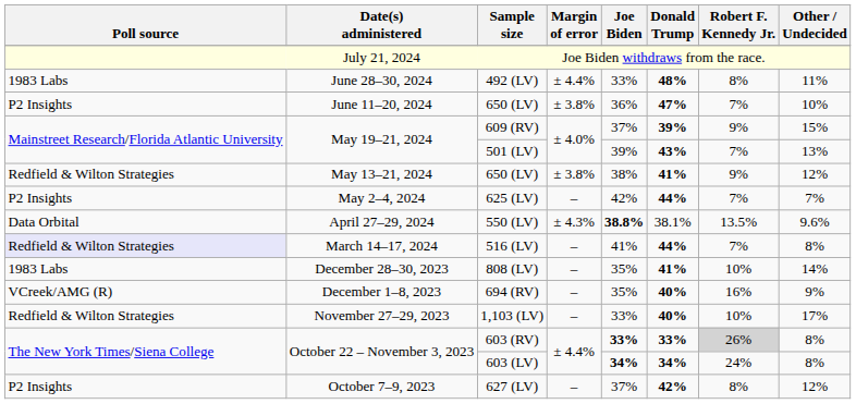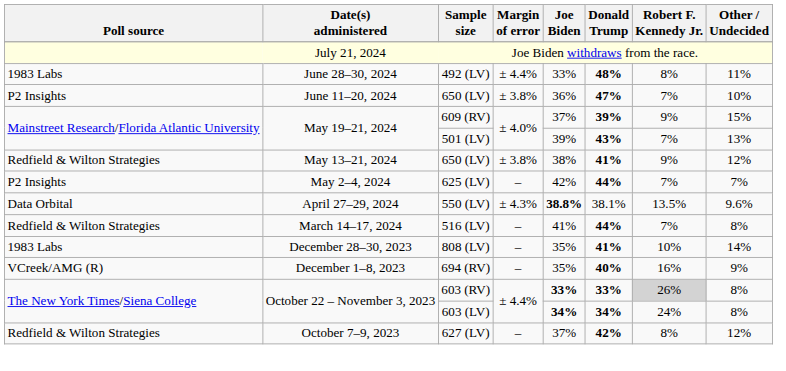 <table class="wikitable sortable mw-datatable" style="font-size:90%;text-align:center;line-height:17px">
 <tr valign=bottom>
 <th>Poll source</th>
 <th>Date(s)<br>administered</th>
 <th>Sample<br>size</th>
 <th>Margin<br>of error</th>
 <th class="unsortable">Joe<br>Biden<br></th>
 <th class="unsortable">Donald<br>Trump<br></th>
 <th class="unsortable">Robert F.<br>Kennedy Jr.<br></th>
 <th class="unsortable">Other /<br>Undecided</th>
 </tr>
 <tr>
 </tr>
 <tr style="background:lightyellow;">
 <td style="border-right-style:hidden;"></td>
 <td style="border-right-style:hidden; " data-sort-value="2024-07-21">July 21, 2024</td>
 <td colspan="6">Joe Biden <a href='#'>withdraws</a> from the race.</td>
 </tr>
 <tr>
 <td style="text-align:left;">1983 Labs</td>
 <td data-sort-value="2024-07-03">June 28–30, 2024</td>
 <td>492 (LV)</td>
 <td>± 4.4%</td>
 <td>33%</td>
 <td style="background-color:"><strong>48%</strong></td>
 <td>8%</td>
 <td>11%</td>
 </tr>
 <tr>
 <td style="text-align:left;">P2 Insights</td>
 <td data-sort-value="2024-06-26">June 11–20, 2024</td>
 <td>650 (LV)</td>
 <td>± 3.8%</td>
 <td>36%</td>
 <td style="background-color:"><strong>47%</strong></td>
 <td>7%</td>
 <td>10%</td>
 </tr>
 <tr>
 <td style="text-align:left;" rowspan="2"><a href='#'>Mainstreet Research</a>/<a href='#'>Florida Atlantic University</a></td>
 <td rowspan="2">May 19–21, 2024</td>
 <td>609 (RV)</td>
 <td rowspan="2">± 4.0%</td>
 <td>37%</td>
 <td style="background-color:"><strong>39%</strong></td>
 <td>9%</td>
 <td>15%</td>
 </tr>
 <tr>
 <td>501 (LV)</td>
 <td>39%</td>
 <td style="background-color:"><strong>43%</strong></td>
 <td>7%</td>
 <td>13%</td>
 </tr>
 <tr>
 <td style="text-align:left;">Redfield & Wilton Strategies</td>
 <td data-sort-value="2024-05-21">May 13–21, 2024</td>
 <td>650 (LV)</td>
 <td>± 3.8%</td>
 <td>38%</td>
 <td style="background-color:"><strong>41%</strong></td>
 <td>9%</td>
 <td>12%</td>
 </tr>
 <tr>
 <td style="text-align:left;">P2 Insights</td>
 <td data-sort-value="2024-05-13">May 2–4, 2024</td>
 <td>625 (LV)</td>
 <td>–</td>
 <td>42%</td>
 <td style="background-color:"><strong>44%</strong></td>
 <td>7%</td>
 <td>7%</td>
 </tr>
 <tr>
 <td style="text-align:left;">Data Orbital</td>
 <td data-sort-value="2024-03-25">April 27–29, 2024</td>
 <td>550 (LV)</td>
 <td>± 4.3%</td>
 <td style="color:black;background-color:"><strong>38.8%</strong></td>
 <td>38.1%</td>
 <td>13.5%</td>
 <td>9.6%</td>
 </tr>
 <tr>
-<td style="background: lavender; text-align:left;">Redfield & Wilton Strategies</td>
+<td style="text-align:left;">Redfield & Wilton Strategies</td>
 <td data-sort-value="2024-03-25">March 14–17, 2024</td>
 <td>516 (LV)</td>
 <td>–</td>
 <td>41%</td>
 <td style="background-color:"><strong>44%</strong></td>
 <td>7%</td>
 <td>8%</td>
 </tr>
 <tr>
 <td style="text-align:left;">1983 Labs</td>
 <td data-sort-value="2024-01-08">December 28–30, 2023</td>
 <td>808 (LV)</td>
 <td>–</td>
 <td>35%</td>
 <td style="background-color:"><strong>41%</strong></td>
 <td>10%</td>
 <td>14%</td>
 </tr>
 <tr>
 <td style="text-align:left;">VCreek/AMG (R)</td>
 <td data-sort-value="2023-12-19">December 1–8, 2023</td>
 <td>694 (RV)</td>
 <td>–</td>
 <td>35%</td>
 <td style="background-color:"><strong>40%</strong></td>
 <td>16%</td>
 <td>9%</td>
 </tr>
 <tr>
-<td style="text-align:left;">Redfield & Wilton Strategies</td>
-<td data-sort-value="2023-12-05">November 27–29, 2023</td>
-<td>1,103 (LV)</td>
-<td>–</td>
-<td>33%</td>
-<td style="background-color:"><strong>40%</strong></td>
-<td>10%</td>
-<td>17%</td>
-</tr>
-<tr>
 <td style="text-align:left;" rowspan="2"><a href='#'>The New York Times</a>/<a href='#'>Siena College</a></td>
 <td rowspan="2">October 22 – November 3, 2023</td>
 <td>603 (RV)</td>
 <td rowspan="2">± 4.4%</td>
 <td><strong>33%</strong></td>
 <td><strong>33%</strong></td>
 <td style="background: lightgrey;">26%</td>
 <td>8%</td>
 </tr>
 <tr>
 <td>603 (LV)</td>
 <td><strong>34%</strong></td>
 <td><strong>34%</strong></td>
 <td>24%</td>
 <td>8%</td>
 </tr>
 <tr>
-<td style="text-align:left;">P2 Insights</td>
+<td style="text-align:left;">Redfield & Wilton Strategies</td>
 <td data-sort-value="2023-10-15">October 7–9, 2023</td>
 <td>627 (LV)</td>
 <td>–</td>
 <td>37%</td>
 <td style="background-color:"><strong>42%</strong></td>
 <td>8%</td>
 <td>12%</td>
 </tr>
 </table>
